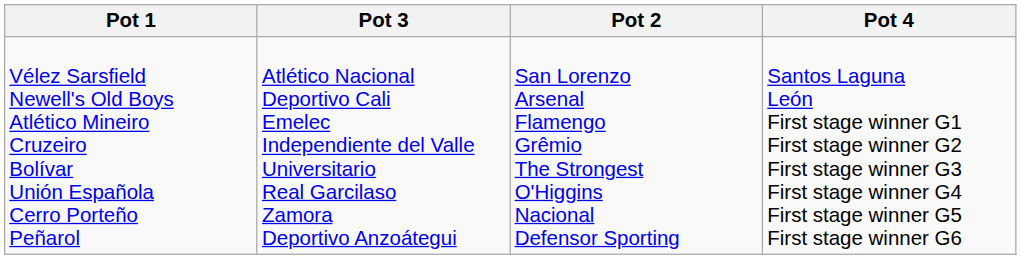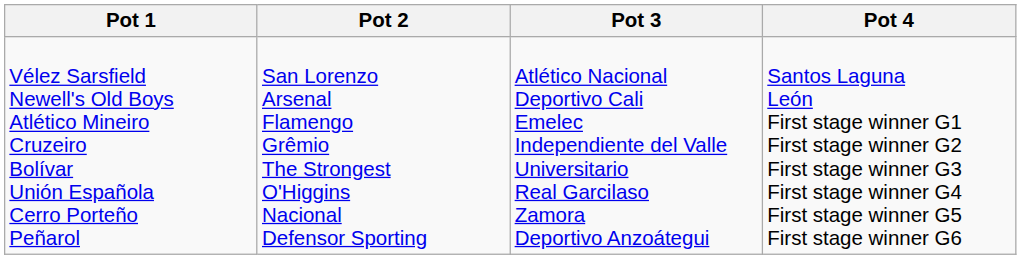 <table class="wikitable">
 <tr>
 <th width=190>Pot 1</th>
+<th width=190>Pot 2</th>
 <th width=190>Pot 3</th>
-<th width=190>Pot 2</th>
 <th width=190>Pot 4</th>
 </tr>
 <tr valign=top>
 <td><br> <a href='#'>Vélez Sarsfield</a><br>  <a href='#'>Newell's Old Boys</a><br>  <a href='#'>Atlético Mineiro</a><br>  <a href='#'>Cruzeiro</a><br>  <a href='#'>Bolívar</a><br>  <a href='#'>Unión Española</a><br>  <a href='#'>Cerro Porteño</a><br>  <a href='#'>Peñarol</a></td>
+<td><br> <a href='#'>San Lorenzo</a><br>  <a href='#'>Arsenal</a><br>  <a href='#'>Flamengo</a><br>  <a href='#'>Grêmio</a><br>  <a href='#'>The Strongest</a><br>  <a href='#'>O'Higgins</a><br>  <a href='#'>Nacional</a><br>  <a href='#'>Defensor Sporting</a></td>
 <td><br> <a href='#'>Atlético Nacional</a><br>  <a href='#'>Deportivo Cali</a><br>  <a href='#'>Emelec</a><br>  <a href='#'>Independiente del Valle</a><br>  <a href='#'>Universitario</a><br>  <a href='#'>Real Garcilaso</a><br>  <a href='#'>Zamora</a><br>  <a href='#'>Deportivo Anzoátegui</a></td>
-<td><br> <a href='#'>San Lorenzo</a><br>  <a href='#'>Arsenal</a><br>  <a href='#'>Flamengo</a><br>  <a href='#'>Grêmio</a><br>  <a href='#'>The Strongest</a><br>  <a href='#'>O'Higgins</a><br>  <a href='#'>Nacional</a><br>  <a href='#'>Defensor Sporting</a></td>
 <td><br> <a href='#'>Santos Laguna</a><br>  <a href='#'>León</a><br> First stage winner G1<br> First stage winner G2<br> First stage winner G3<br> First stage winner G4<br> First stage winner G5<br> First stage winner G6</td>
 </tr>
 </table>
